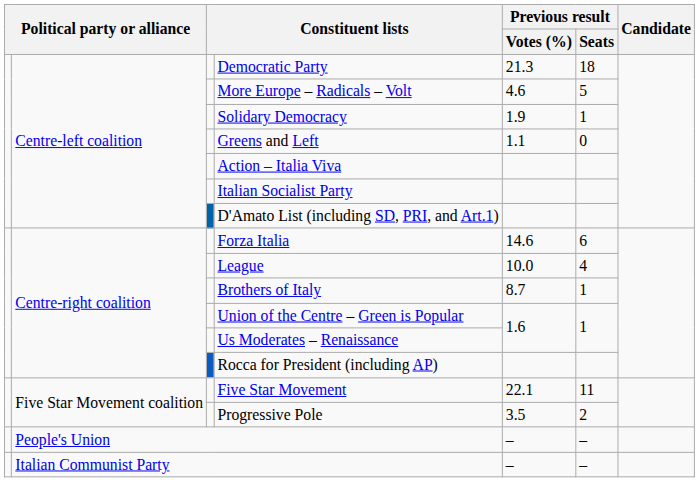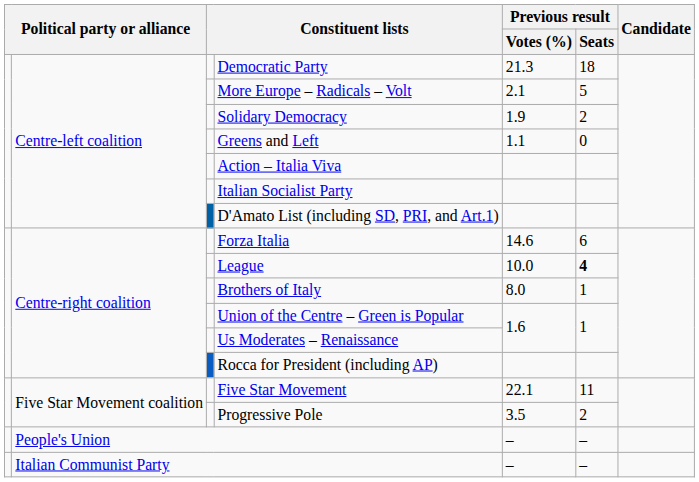 <table class="wikitable" style="text-align:left">
 <tr>
 <th colspan=2 rowspan="2">Political party or alliance</th>
 <th colspan=2 rowspan="2">Constituent lists</th>
 <th colspan="2">Previous result</th>
 <th colspan="2" rowspan="2">Candidate</th>
 </tr>
 <tr>
 <th>Votes (%)</th>
 <th>Seats</th>
 </tr>
 <tr>
 <td rowspan="7"></td>
 <td rowspan=7><a href='#'>Centre-left coalition</a></td>
 <td></td>
 <td style="text-align:left;"><a href='#'>Democratic Party</a></td>
 <td>21.3</td>
 <td>18</td>
 <td rowspan="7"></td>
 </tr>
 <tr>
 <td></td>
 <td style="text-align:left;"><a href='#'>More Europe</a> – <a href='#'>Radicals</a> – <a href='#'>Volt</a></td>
-<td>4.6</td>
+<td>2.1</td>
 <td>5</td>
 </tr>
 <tr>
 <td></td>
 <td style="text-align:left;"><a href='#'>Solidary Democracy</a></td>
 <td>1.9</td>
-<td>1</td>
+<td>2</td>
 </tr>
 <tr>
 <td></td>
 <td style="text-align:left;"><a href='#'>Greens</a> and <a href='#'>Left</a></td>
 <td>1.1</td>
 <td>0</td>
 </tr>
 <tr>
 <td></td>
 <td style="text-align:left;"><a href='#'>Action – Italia Viva</a></td>
 <td></td>
 <td></td>
 </tr>
 <tr>
 <td></td>
 <td style="text-align:left;"><a href='#'>Italian Socialist Party</a></td>
 <td></td>
 <td></td>
 </tr>
 <tr>
 <td bgcolor="#0062A6"></td>
 <td style="text-align:left;">D'Amato List (including <a href='#'>SD</a>, <a href='#'>PRI</a>, and <a href='#'>Art.1</a>)</td>
 <td></td>
 <td></td>
 </tr>
 <tr>
 <td rowspan="6" style="background:"></td>
 <td rowspan=6><a href='#'>Centre-right coalition</a></td>
 <td></td>
 <td style="text-align:left;"><a href='#'>Forza Italia</a></td>
 <td>14.6</td>
 <td>6</td>
 <td rowspan="6"></td>
 </tr>
 <tr>
 <td></td>
 <td style="text-align:left;"><a href='#'>League</a></td>
 <td>10.0</td>
-<td>4</td>
+<td><strong>4</strong></td>
 </tr>
 <tr>
 <td></td>
 <td style="text-align:left;"><a href='#'>Brothers of Italy</a></td>
-<td>8.7</td>
+<td>8.0</td>
 <td>1</td>
 </tr>
 <tr>
 <td></td>
 <td style="text-align:left;"><a href='#'>Union of the Centre</a> – <a href='#'>Green is Popular</a></td>
 <td rowspan=2>1.6</td>
 <td rowspan=2>1</td>
 </tr>
 <tr>
 <td></td>
 <td style="text-align:left;"><a href='#'>Us Moderates</a> – <a href='#'>Renaissance</a></td>
 </tr>
 <tr>
 <td bgcolor="#095CC1"></td>
 <td style="text-align:left;">Rocca for President (including <a href='#'>AP</a>)</td>
 <td></td>
 <td></td>
 </tr>
 <tr>
 <td rowspan="2" style="background:"></td>
 <td rowspan=2>Five Star Movement coalition</td>
 <td style="background-color:"></td>
 <td style="text-align:left;"><a href='#'>Five Star Movement</a></td>
 <td>22.1</td>
 <td>11</td>
 <td rowspan=2></td>
 </tr>
 <tr>
 <td></td>
 <td style="text-align:left;">Progressive Pole</td>
 <td>3.5</td>
 <td>2</td>
 </tr>
 <tr>
 <td style="background:"></td>
 <td colspan="3" style="text-align:left;"><a href='#'>People's Union</a></td>
 <td>–</td>
 <td>–</td>
 <td></td>
 </tr>
 <tr>
 <td style="background:"></td>
 <td colspan="3" style="text-align:left;"><a href='#'>Italian Communist Party</a></td>
 <td>–</td>
 <td>–</td>
 <td></td>
 </tr>
 </table>
